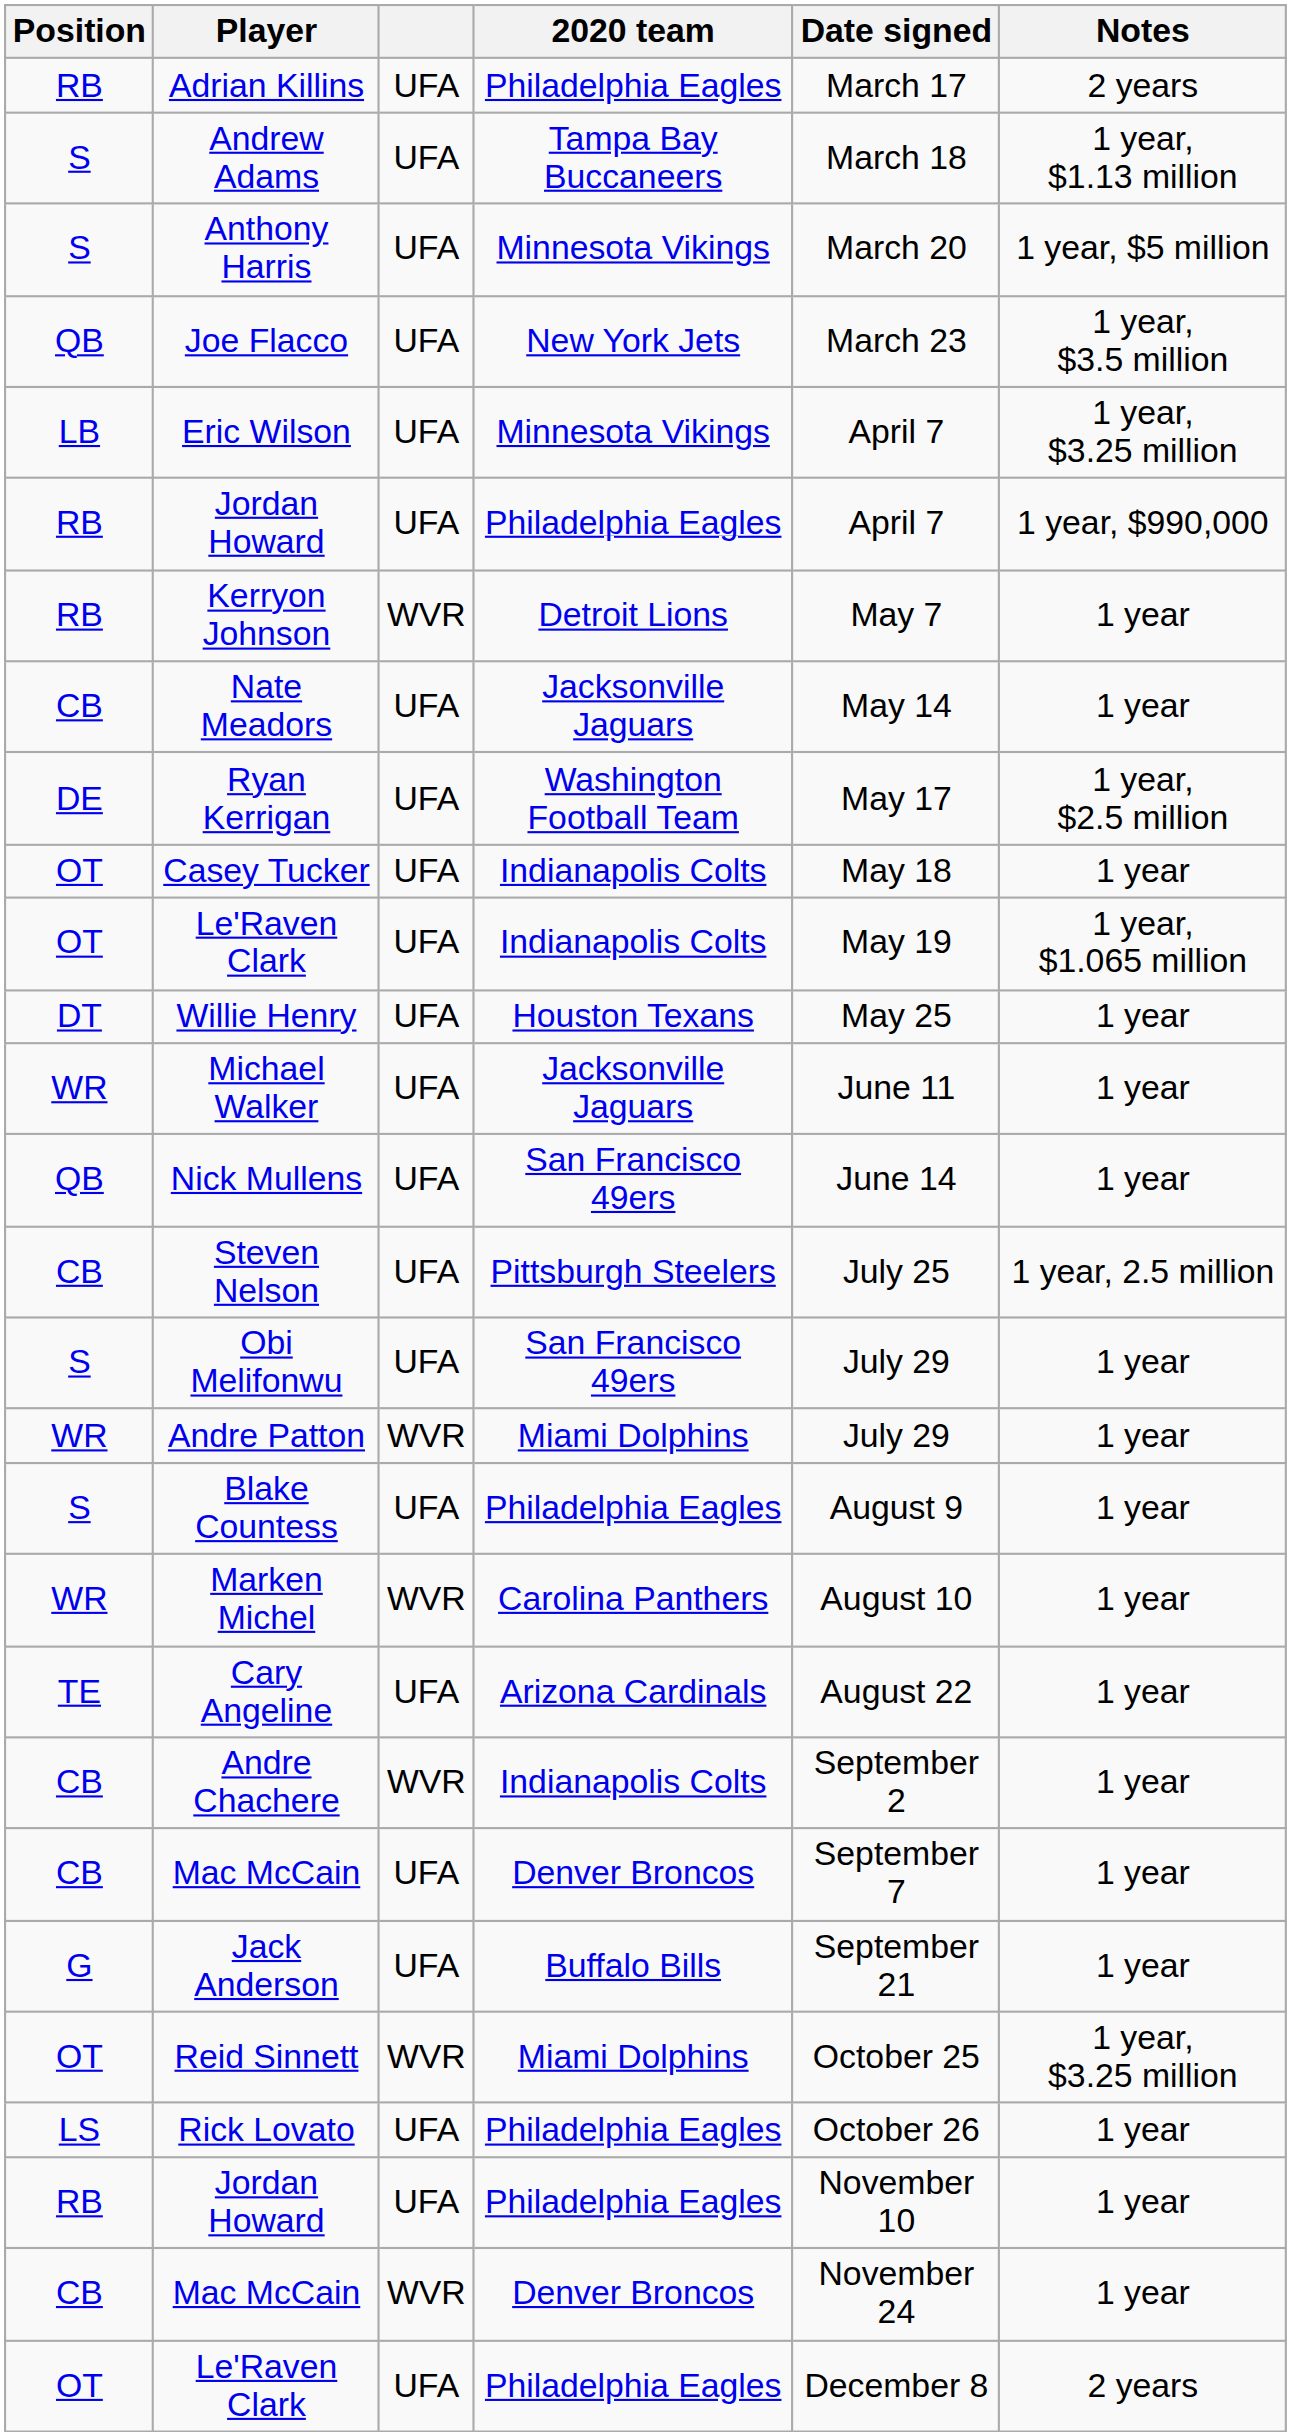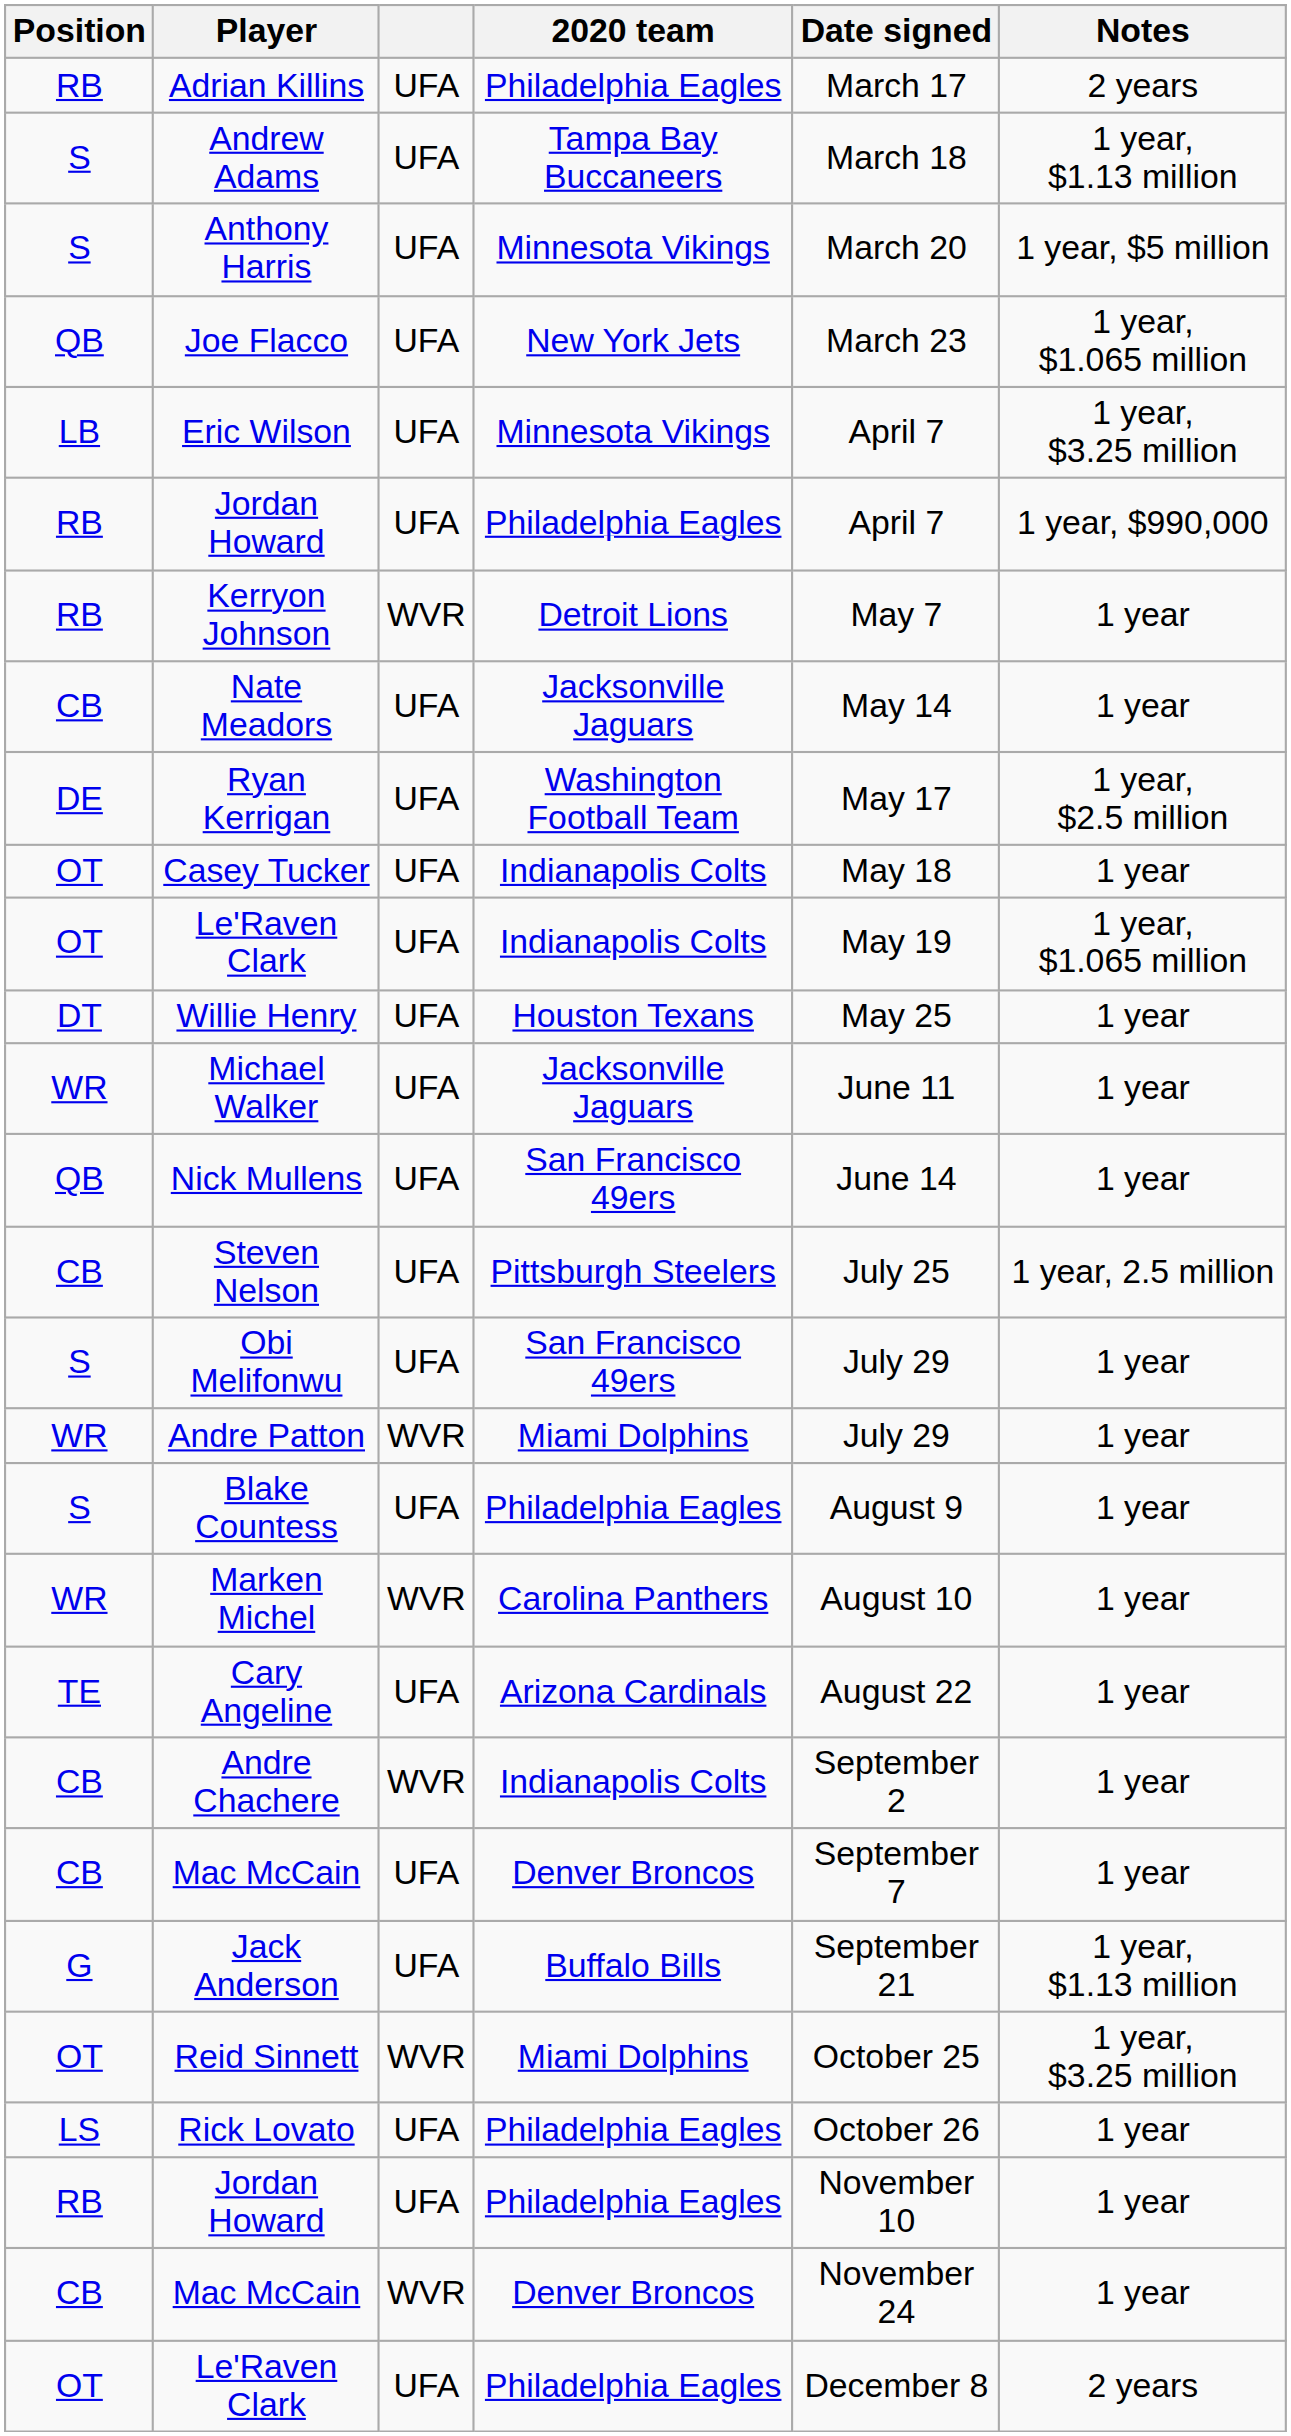 <table class="wikitable" style="text-align:center">
 <tr>
 <th>Position</th>
 <th>Player</th>
 <th></th>
 <th>2020 team</th>
 <th>Date signed</th>
 <th>Notes</th>
 </tr>
 <tr>
 <td><a href='#'>RB</a></td>
 <td><a href='#'>Adrian Killins</a></td>
 <td>UFA</td>
 <td><a href='#'>Philadelphia Eagles</a></td>
 <td>March 17</td>
 <td>2 years</td>
 </tr>
 <tr>
 <td><a href='#'>S</a></td>
 <td><a href='#'>Andrew Adams</a></td>
 <td>UFA</td>
 <td><a href='#'>Tampa Bay Buccaneers</a></td>
 <td>March 18</td>
 <td>1 year, $1.13 million</td>
 </tr>
 <tr>
 <td><a href='#'>S</a></td>
 <td><a href='#'>Anthony Harris</a></td>
 <td>UFA</td>
 <td><a href='#'>Minnesota Vikings</a></td>
 <td>March 20</td>
 <td>1 year, $5 million</td>
 </tr>
 <tr>
 <td><a href='#'>QB</a></td>
 <td><a href='#'>Joe Flacco</a></td>
 <td>UFA</td>
 <td><a href='#'>New York Jets</a></td>
 <td>March 23</td>
-<td>1 year, $3.5 million</td>
+<td>1 year, $1.065 million</td>
 </tr>
 <tr>
 <td><a href='#'>LB</a></td>
 <td><a href='#'>Eric Wilson</a></td>
 <td>UFA</td>
 <td><a href='#'>Minnesota Vikings</a></td>
 <td>April 7</td>
 <td>1 year, $3.25 million</td>
 </tr>
 <tr>
 <td><a href='#'>RB</a></td>
 <td><a href='#'>Jordan Howard</a></td>
 <td>UFA</td>
 <td><a href='#'>Philadelphia Eagles</a></td>
 <td>April 7</td>
 <td>1 year, $990,000</td>
 </tr>
 <tr>
 <td><a href='#'>RB</a></td>
 <td><a href='#'>Kerryon Johnson</a></td>
 <td>WVR</td>
 <td><a href='#'>Detroit Lions</a></td>
 <td>May 7</td>
 <td>1 year</td>
 </tr>
 <tr>
 <td><a href='#'>CB</a></td>
 <td><a href='#'>Nate Meadors</a></td>
 <td>UFA</td>
 <td><a href='#'>Jacksonville Jaguars</a></td>
 <td>May 14</td>
 <td>1 year</td>
 </tr>
 <tr>
 <td><a href='#'>DE</a></td>
 <td><a href='#'>Ryan Kerrigan</a></td>
 <td>UFA</td>
 <td><a href='#'>Washington Football Team</a></td>
 <td>May 17</td>
 <td>1 year, $2.5 million</td>
 </tr>
 <tr>
 <td><a href='#'>OT</a></td>
 <td><a href='#'>Casey Tucker</a></td>
 <td>UFA</td>
 <td><a href='#'>Indianapolis Colts</a></td>
 <td>May 18</td>
 <td>1 year</td>
 </tr>
 <tr>
 <td><a href='#'>OT</a></td>
 <td><a href='#'>Le'Raven Clark</a></td>
 <td>UFA</td>
 <td><a href='#'>Indianapolis Colts</a></td>
 <td>May 19</td>
 <td>1 year, $1.065 million</td>
 </tr>
 <tr>
 <td><a href='#'>DT</a></td>
 <td><a href='#'>Willie Henry</a></td>
 <td>UFA</td>
 <td><a href='#'>Houston Texans</a></td>
 <td>May 25</td>
 <td>1 year</td>
 </tr>
 <tr>
 <td><a href='#'>WR</a></td>
 <td><a href='#'>Michael Walker</a></td>
 <td>UFA</td>
 <td><a href='#'>Jacksonville Jaguars</a></td>
 <td>June 11</td>
 <td>1 year</td>
 </tr>
 <tr>
 <td><a href='#'>QB</a></td>
 <td><a href='#'>Nick Mullens</a></td>
 <td>UFA</td>
 <td><a href='#'>San Francisco 49ers</a></td>
 <td>June 14</td>
 <td>1 year</td>
 </tr>
 <tr>
 <td><a href='#'>CB</a></td>
 <td><a href='#'>Steven Nelson</a></td>
 <td>UFA</td>
 <td><a href='#'>Pittsburgh Steelers</a></td>
 <td>July 25</td>
 <td>1 year, 2.5 million</td>
 </tr>
 <tr>
 <td><a href='#'>S</a></td>
 <td><a href='#'>Obi Melifonwu</a></td>
 <td>UFA</td>
 <td><a href='#'>San Francisco 49ers</a></td>
 <td>July 29</td>
 <td>1 year</td>
 </tr>
 <tr>
 <td><a href='#'>WR</a></td>
 <td><a href='#'>Andre Patton</a></td>
 <td>WVR</td>
 <td><a href='#'>Miami Dolphins</a></td>
 <td>July 29</td>
 <td>1 year</td>
 </tr>
 <tr>
 <td><a href='#'>S</a></td>
 <td><a href='#'>Blake Countess</a></td>
 <td>UFA</td>
 <td><a href='#'>Philadelphia Eagles</a></td>
 <td>August 9</td>
 <td>1 year</td>
 </tr>
 <tr>
 <td><a href='#'>WR</a></td>
 <td><a href='#'>Marken Michel</a></td>
 <td>WVR</td>
 <td><a href='#'>Carolina Panthers</a></td>
 <td>August 10</td>
 <td>1 year</td>
 </tr>
 <tr>
 <td><a href='#'>TE</a></td>
 <td><a href='#'>Cary Angeline</a></td>
 <td>UFA</td>
 <td><a href='#'>Arizona Cardinals</a></td>
 <td>August 22</td>
 <td>1 year</td>
 </tr>
 <tr>
 <td><a href='#'>CB</a></td>
 <td><a href='#'>Andre Chachere</a></td>
 <td>WVR</td>
 <td><a href='#'>Indianapolis Colts</a></td>
 <td>September 2</td>
 <td>1 year</td>
 </tr>
 <tr>
 <td><a href='#'>CB</a></td>
 <td><a href='#'>Mac McCain</a></td>
 <td>UFA</td>
 <td><a href='#'>Denver Broncos</a></td>
 <td>September 7</td>
 <td>1 year</td>
 </tr>
 <tr>
 <td><a href='#'>G</a></td>
 <td><a href='#'>Jack Anderson</a></td>
 <td>UFA</td>
 <td><a href='#'>Buffalo Bills</a></td>
 <td>September 21</td>
-<td>1 year</td>
+<td>1 year, $1.13 million</td>
 </tr>
 <tr>
 <td><a href='#'>OT</a></td>
 <td><a href='#'>Reid Sinnett</a></td>
 <td>WVR</td>
 <td><a href='#'>Miami Dolphins</a></td>
 <td>October 25</td>
 <td>1 year, $3.25 million</td>
 </tr>
 <tr>
 <td><a href='#'>LS</a></td>
 <td><a href='#'>Rick Lovato</a></td>
 <td>UFA</td>
 <td><a href='#'>Philadelphia Eagles</a></td>
 <td>October 26</td>
 <td>1 year</td>
 </tr>
 <tr>
 <td><a href='#'>RB</a></td>
 <td><a href='#'>Jordan Howard</a></td>
 <td>UFA</td>
 <td><a href='#'>Philadelphia Eagles</a></td>
 <td>November 10</td>
 <td>1 year</td>
 </tr>
 <tr>
 <td><a href='#'>CB</a></td>
 <td><a href='#'>Mac McCain</a></td>
 <td>WVR</td>
 <td><a href='#'>Denver Broncos</a></td>
 <td>November 24</td>
 <td>1 year</td>
 </tr>
 <tr>
 <td><a href='#'>OT</a></td>
 <td><a href='#'>Le'Raven Clark</a></td>
 <td>UFA</td>
 <td><a href='#'>Philadelphia Eagles</a></td>
 <td>December 8</td>
 <td>2 years</td>
 </tr>
 </table>
